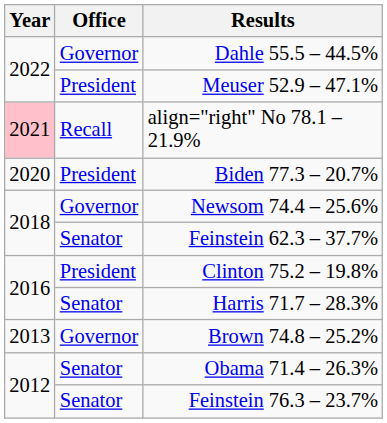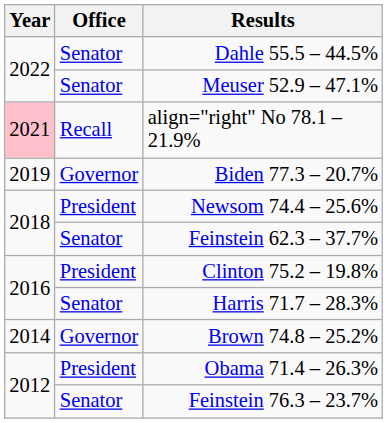 <table class=wikitable>
 <tr>
 <th width="30">Year</th>
 <th width="60">Office</th>
 <th width="180">Results</th>
 </tr>
 <tr>
 <td rowspan="2">2022</td>
-<td><a href='#'>Governor</a></td>
+<td><a href='#'>Senator</a></td>
 <td align="right" ><a href='#'>Dahle</a> 55.5 – 44.5%</td>
 </tr>
 <tr>
-<td><a href='#'>President</a></td>
+<td><a href='#'>Senator</a></td>
 <td align="right" ><a href='#'>Meuser</a> 52.9 – 47.1%</td>
 </tr>
 <tr>
 <td style="background: pink;">2021</td>
 <td><a href='#'>Recall</a></td>
 <td>align="right"  No 78.1 – 21.9%</td>
 </tr>
 <tr>
-<td>2020</td>
-<td><a href='#'>President</a></td>
+<td>2019</td>
+<td><a href='#'>Governor</a></td>
 <td align="right" ><a href='#'>Biden</a> 77.3 – 20.7%</td>
 </tr>
 <tr>
 <td rowspan="2">2018</td>
-<td><a href='#'>Governor</a></td>
+<td><a href='#'>President</a></td>
 <td align="right" ><a href='#'>Newsom</a> 74.4 – 25.6%</td>
 </tr>
 <tr>
 <td><a href='#'>Senator</a></td>
 <td align="right" ><a href='#'>Feinstein</a> 62.3 – 37.7%</td>
 </tr>
 <tr>
 <td rowspan="2">2016</td>
 <td><a href='#'>President</a></td>
 <td align="right" ><a href='#'>Clinton</a> 75.2 – 19.8%</td>
 </tr>
 <tr>
 <td><a href='#'>Senator</a></td>
 <td align="right" ><a href='#'>Harris</a> 71.7 – 28.3%</td>
 </tr>
 <tr>
-<td>2013</td>
+<td>2014</td>
 <td><a href='#'>Governor</a></td>
 <td align="right" ><a href='#'>Brown</a> 74.8 – 25.2%</td>
 </tr>
 <tr>
 <td rowspan="2">2012</td>
-<td><a href='#'>Senator</a></td>
+<td><a href='#'>President</a></td>
 <td align="right" ><a href='#'>Obama</a> 71.4 – 26.3%</td>
 </tr>
 <tr>
 <td><a href='#'>Senator</a></td>
 <td align="right" ><a href='#'>Feinstein</a> 76.3 – 23.7%</td>
 </tr>
 </table>
